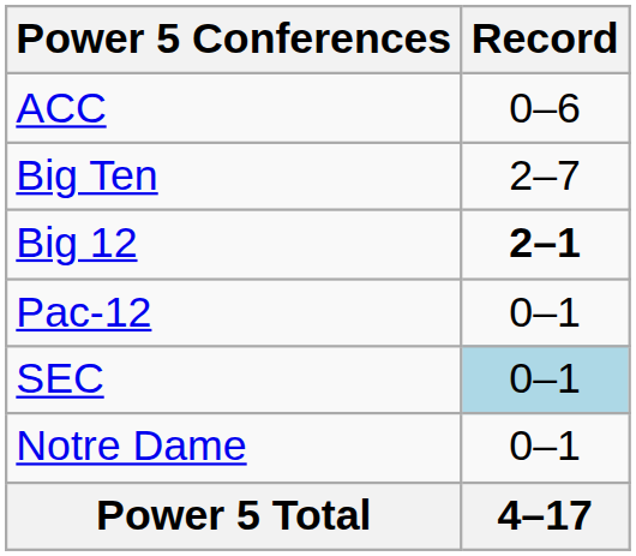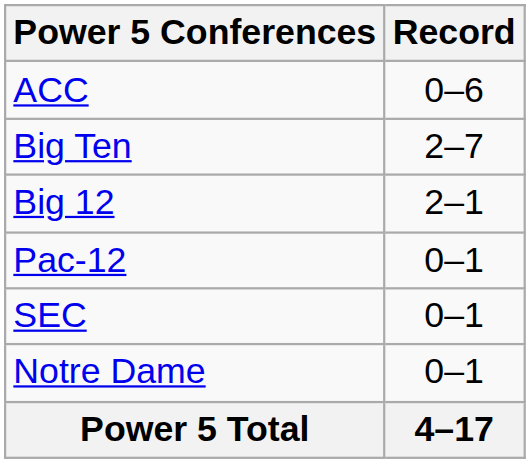 <table class="wikitable">
 <tr>
 <th>Power 5 Conferences</th>
 <th>Record</th>
 </tr>
 <tr>
 <td><a href='#'>ACC</a></td>
 <td align=center>0–6</td>
 </tr>
 <tr>
 <td><a href='#'>Big Ten</a></td>
 <td align=center>2–7</td>
 </tr>
 <tr>
 <td><a href='#'>Big 12</a></td>
-<td align=center><strong>2–1</strong></td>
+<td align=center>2–1</td>
 </tr>
 <tr>
 <td><a href='#'>Pac-12</a></td>
 <td align=center>0–1</td>
 </tr>
 <tr>
 <td><a href='#'>SEC</a></td>
-<td align=center style="background: lightblue;">0–1</td>
+<td align=center>0–1</td>
 </tr>
 <tr>
 <td><a href='#'>Notre Dame</a></td>
 <td align=center>0–1</td>
 </tr>
 <tr>
 <th>Power 5 Total</th>
 <th>4–17</th>
 </tr>
 </table>
